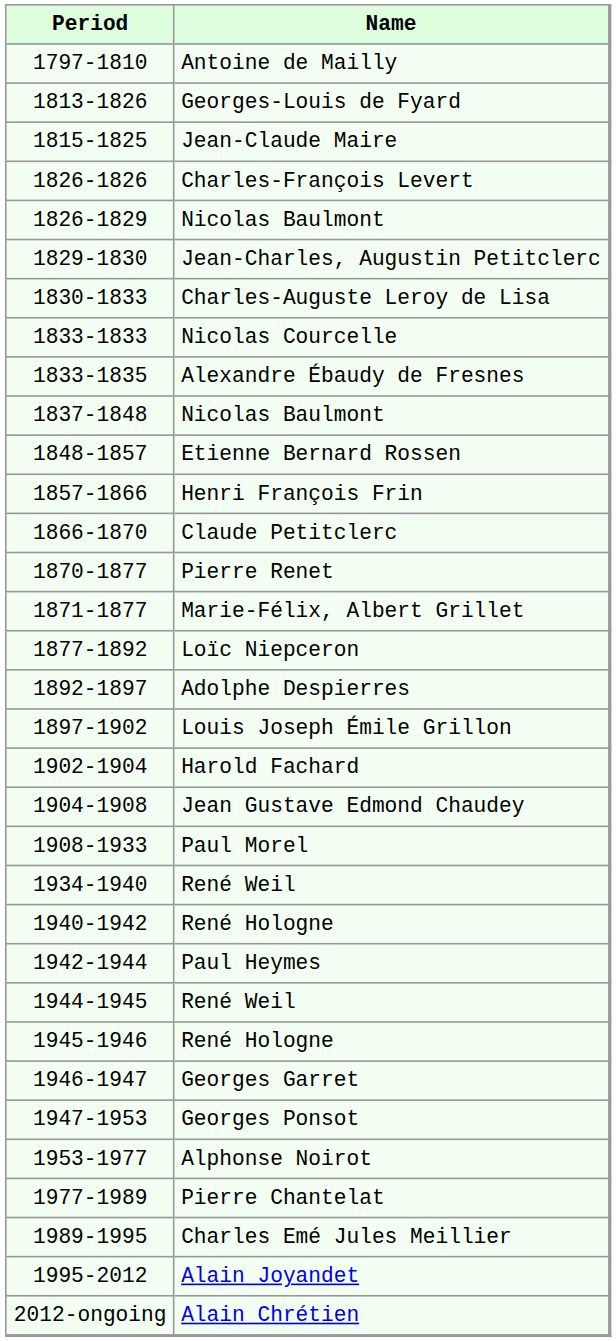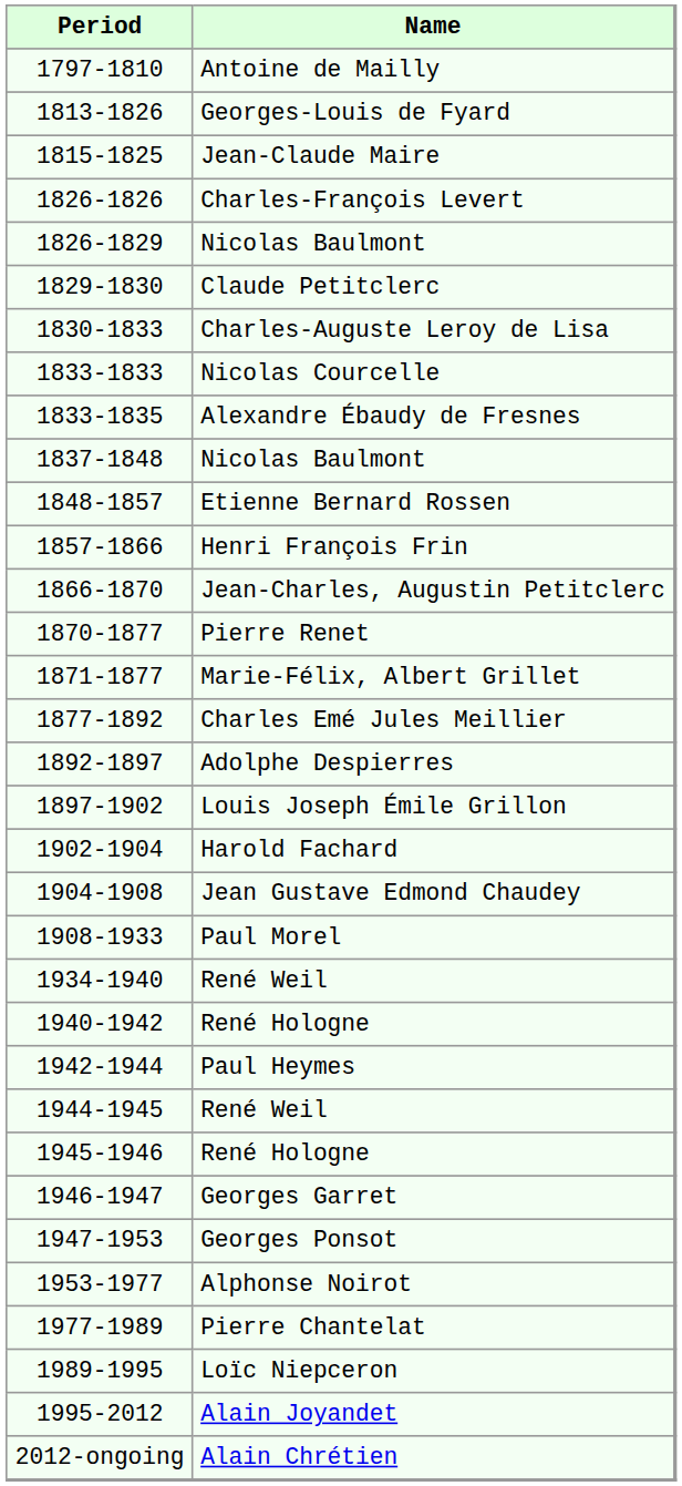 <table align="center" rules="all" cellspacing="0" cellpadding="4" style="border: 1px solid #999; border-right: 2px solid #999; border-bottom: 2px solid #999; background: #f3fff3">
 <tr style="background: #ddffdd">
 <th>Period</th>
 <th>Name</th>
 </tr>
 <tr>
 <td align=center>1797-1810</td>
 <td>Antoine de Mailly</td>
 </tr>
 <tr>
 <td align=center>1813-1826</td>
 <td>Georges-Louis de Fyard</td>
 </tr>
 <tr>
 <td align=center>1815-1825</td>
 <td>Jean-Claude Maire</td>
 </tr>
 <tr>
 <td align=center>1826-1826</td>
 <td>Charles-François Levert</td>
 </tr>
 <tr>
 <td align=center>1826-1829</td>
 <td>Nicolas Baulmont</td>
 </tr>
 <tr>
 <td align=center>1829-1830</td>
-<td>Jean-Charles, Augustin Petitclerc</td>
+<td>Claude Petitclerc</td>
 </tr>
 <tr>
 <td align=center>1830-1833</td>
 <td>Charles-Auguste Leroy de Lisa</td>
 </tr>
 <tr>
 <td align=center>1833-1833</td>
 <td>Nicolas Courcelle</td>
 </tr>
 <tr>
 <td align=center>1833-1835</td>
 <td>Alexandre Ébaudy de Fresnes</td>
 </tr>
 <tr>
 <td align=center>1837-1848</td>
 <td>Nicolas Baulmont</td>
 </tr>
 <tr>
 <td align=center>1848-1857</td>
 <td>Etienne Bernard Rossen</td>
 </tr>
 <tr>
 <td align=center>1857-1866</td>
 <td>Henri François Frin</td>
 </tr>
 <tr>
 <td align=center>1866-1870</td>
-<td>Claude Petitclerc</td>
+<td>Jean-Charles, Augustin Petitclerc</td>
 </tr>
 <tr>
 <td align=center>1870-1877</td>
 <td>Pierre Renet</td>
 </tr>
 <tr>
 <td align=center>1871-1877</td>
 <td>Marie-Félix, Albert Grillet</td>
 </tr>
 <tr>
 <td align=center>1877-1892</td>
-<td>Loïc Niepceron</td>
+<td>Charles Emé Jules Meillier</td>
 </tr>
 <tr>
 <td align=center>1892-1897</td>
 <td>Adolphe Despierres</td>
 </tr>
 <tr>
 <td align=center>1897-1902</td>
 <td>Louis Joseph Émile Grillon</td>
 </tr>
 <tr>
 <td align=center>1902-1904</td>
 <td>Harold Fachard</td>
 </tr>
 <tr>
 <td align=center>1904-1908</td>
 <td>Jean Gustave Edmond Chaudey</td>
 </tr>
 <tr>
 <td align=center>1908-1933</td>
 <td>Paul Morel</td>
 </tr>
 <tr>
 <td align=center>1934-1940</td>
 <td>René Weil</td>
 </tr>
 <tr>
 <td align=center>1940-1942</td>
 <td>René Hologne</td>
 </tr>
 <tr>
 <td align=center>1942-1944</td>
 <td>Paul Heymes</td>
 </tr>
 <tr>
 <td align=center>1944-1945</td>
 <td>René Weil</td>
 </tr>
 <tr>
 <td align=center>1945-1946</td>
 <td>René Hologne</td>
 </tr>
 <tr>
 <td align=center>1946-1947</td>
 <td>Georges Garret</td>
 </tr>
 <tr>
 <td align=center>1947-1953</td>
 <td>Georges Ponsot</td>
 </tr>
 <tr>
 <td align=center>1953-1977</td>
 <td>Alphonse Noirot</td>
 </tr>
 <tr>
 <td align=center>1977-1989</td>
 <td>Pierre Chantelat</td>
 </tr>
 <tr>
 <td align=center>1989-1995</td>
-<td>Charles Emé Jules Meillier</td>
+<td>Loïc Niepceron</td>
 </tr>
 <tr>
 <td align=center>1995-2012</td>
 <td><a href='#'>Alain Joyandet</a></td>
 </tr>
 <tr>
 <td align=center>2012-ongoing</td>
 <td><a href='#'>Alain Chrétien</a></td>
 </tr>
 </table>
